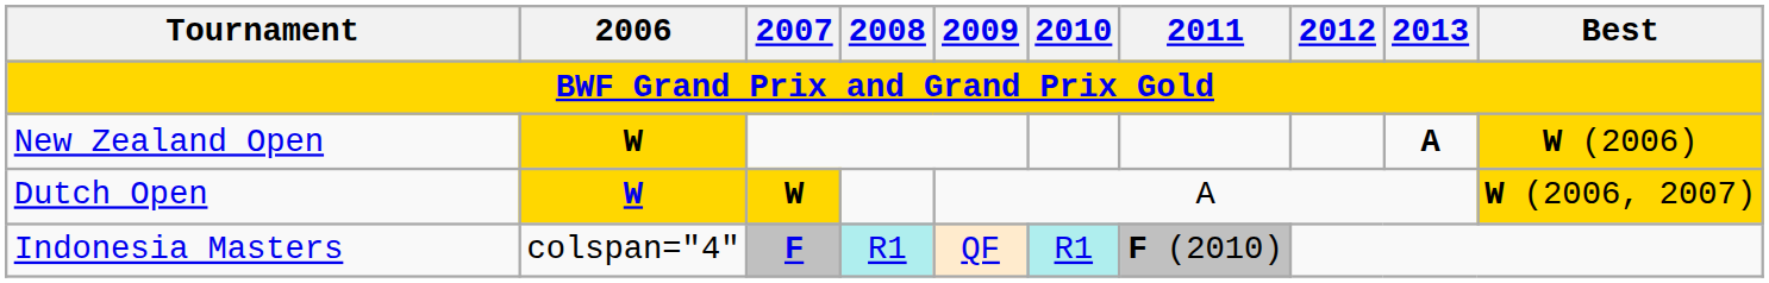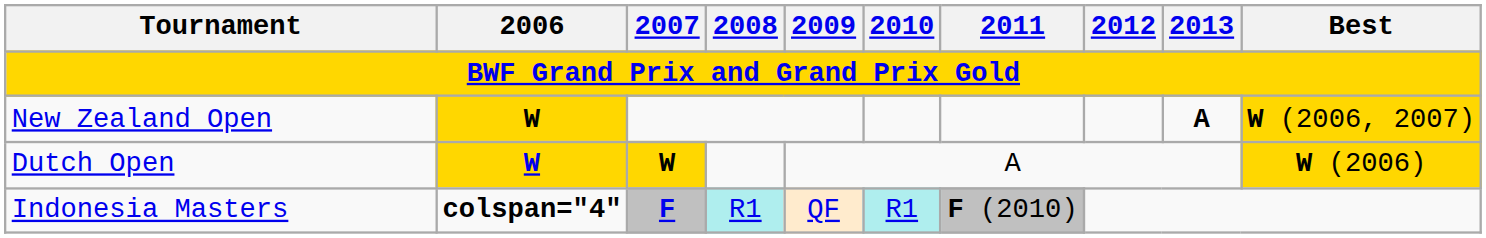 <table class="wikitable" style="font-size: 90%; text-align:center">
 <tr>
 <th width=180>Tournament</th>
 <th>2006</th>
 <th><a href='#'>2007</a></th>
 <th><a href='#'>2008</a></th>
 <th><a href='#'>2009</a></th>
 <th><a href='#'>2010</a></th>
 <th><a href='#'>2011</a></th>
 <th><a href='#'>2012</a></th>
 <th><a href='#'>2013</a></th>
 <th>Best</th>
 </tr>
 <tr bgcolor=FFD700>
 <td colspan=20 align=center><strong><a href='#'>BWF Grand Prix and Grand Prix Gold</a></strong></td>
 </tr>
 <tr>
 <td align=left> <a href='#'>New Zealand Open</a></td>
 <td bgcolor=Gold><strong>W</strong></td>
 <td colspan="3"></td>
 <td></td>
 <td></td>
 <td></td>
 <td><strong>A</strong></td>
-<td bgcolor=Gold><strong>W</strong> (2006)</td>
+<td bgcolor=Gold><strong>W</strong> (2006, 2007)</td>
 </tr>
 <tr>
 <td align=left> <a href='#'>Dutch Open</a></td>
 <td bgcolor=Gold><a href='#'><strong>W</strong></a></td>
 <td bgcolor=Gold><strong>W</strong></td>
 <td></td>
 <td colspan="5">A</td>
-<td bgcolor=Gold><strong>W</strong> (2006, 2007)</td>
+<td bgcolor=Gold><strong>W</strong> (2006)</td>
 </tr>
 <tr>
 <td align=left> <a href='#'>Indonesia Masters</a></td>
-<td>colspan="4" </td>
+<td><strong>colspan="4" </strong></td>
 <td bgcolor=Silver><a href='#'><strong>F</strong></a></td>
 <td bgcolor=AFEEEE><a href='#'>R1</a></td>
 <td bgcolor=FFEBCD><a href='#'>QF</a></td>
 <td bgcolor=AFEEEE><a href='#'>R1</a></td>
 <td bgcolor=Silver><strong>F</strong> (2010)</td>
 </tr>
 </table>
